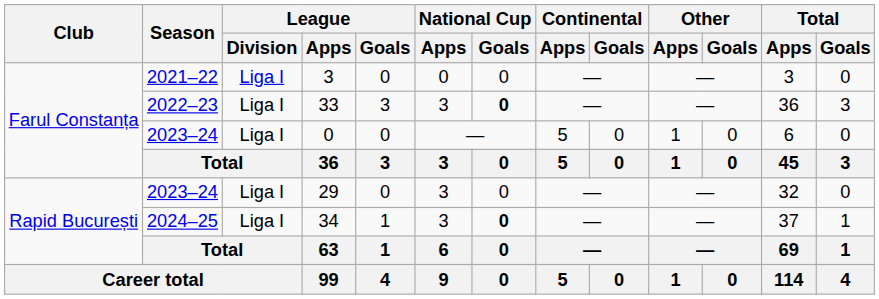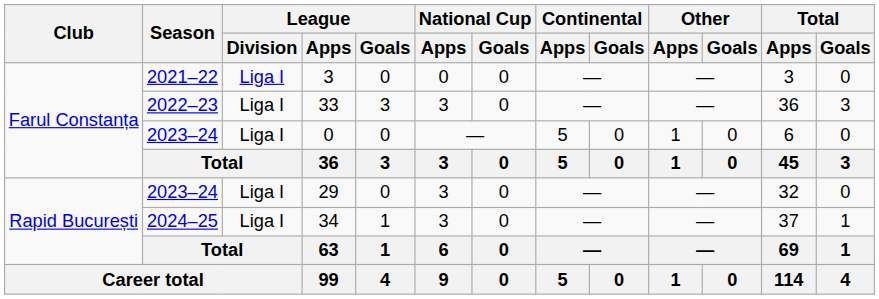 <table class=wikitable style=text-align:center>
 <tr>
 <th rowspan=2>Club</th>
 <th rowspan=2>Season</th>
 <th colspan=3>League</th>
 <th colspan=2>National Cup</th>
 <th colspan=2>Continental</th>
 <th colspan=2>Other</th>
 <th colspan=2>Total</th>
 </tr>
 <tr>
 <th>Division</th>
 <th>Apps</th>
 <th>Goals</th>
 <th>Apps</th>
 <th>Goals</th>
 <th>Apps</th>
 <th>Goals</th>
 <th>Apps</th>
 <th>Goals</th>
 <th>Apps</th>
 <th>Goals</th>
 </tr>
 <tr>
 <td rowspan="4"><a href='#'>Farul Constanța</a></td>
 <td><a href='#'>2021–22</a></td>
 <td rowspan="1"><a href='#'>Liga I</a></td>
 <td>3</td>
 <td>0</td>
 <td>0</td>
 <td>0</td>
 <td colspan="2">—</td>
 <td colspan="2">—</td>
 <td>3</td>
 <td>0</td>
 </tr>
 <tr>
 <td><a href='#'>2022–23</a></td>
 <td rowspan="1">Liga I</td>
 <td>33</td>
 <td>3</td>
 <td>3</td>
-<td><strong>0</strong></td>
+<td>0</td>
 <td colspan="2">—</td>
 <td colspan="2">—</td>
 <td>36</td>
 <td>3</td>
 </tr>
 <tr>
 <td><a href='#'>2023–24</a></td>
 <td rowspan="1">Liga I</td>
 <td>0</td>
 <td>0</td>
 <td colspan="2">—</td>
 <td>5</td>
 <td>0</td>
 <td>1</td>
 <td>0</td>
 <td>6</td>
 <td>0</td>
 </tr>
 <tr>
 <th colspan="2">Total</th>
 <th>36</th>
 <th>3</th>
 <th>3</th>
 <th>0</th>
 <th>5</th>
 <th>0</th>
 <th>1</th>
 <th>0</th>
 <th>45</th>
 <th>3</th>
 </tr>
 <tr>
 <td rowspan="3"><a href='#'>Rapid București</a></td>
 <td><a href='#'>2023–24</a></td>
 <td>Liga I</td>
 <td>29</td>
 <td>0</td>
 <td>3</td>
 <td>0</td>
 <td colspan="2">—</td>
 <td colspan="2">—</td>
 <td>32</td>
 <td>0</td>
 </tr>
 <tr>
 <td><a href='#'>2024–25</a></td>
 <td>Liga I</td>
 <td>34</td>
 <td>1</td>
 <td>3</td>
-<td><strong>0</strong></td>
+<td>0</td>
 <td colspan="2">—</td>
 <td colspan="2">—</td>
 <td>37</td>
 <td>1</td>
 </tr>
 <tr>
 <th colspan="2">Total</th>
 <th>63</th>
 <th>1</th>
 <th>6</th>
 <th>0</th>
 <th colspan="2">—</th>
 <th colspan="2">—</th>
 <th>69</th>
 <th>1</th>
 </tr>
 <tr>
 <th colspan="3">Career total</th>
 <th>99</th>
 <th>4</th>
 <th>9</th>
 <th>0</th>
 <th>5</th>
 <th>0</th>
 <th>1</th>
 <th>0</th>
 <th>114</th>
 <th>4</th>
 </tr>
 </table>
